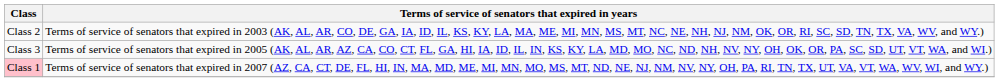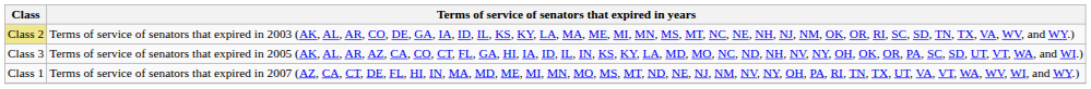 <table class="wikitable sortable">
 <tr valign=bottom>
 <th>Class</th>
 <th>Terms of service of senators that expired in years</th>
 </tr>
 <tr>
-<td>Class 2</td>
+<td style="background: khaki;">Class 2</td>
 <td>Terms of service of senators that expired in 2003 (<a href='#'>AK</a>, <a href='#'>AL</a>, <a href='#'>AR</a>, <a href='#'>CO</a>, <a href='#'>DE</a>, <a href='#'>GA</a>, <a href='#'>IA</a>, <a href='#'>ID</a>, <a href='#'>IL</a>, <a href='#'>KS</a>, <a href='#'>KY</a>, <a href='#'>LA</a>, <a href='#'>MA</a>, <a href='#'>ME</a>, <a href='#'>MI</a>, <a href='#'>MN</a>, <a href='#'>MS</a>, <a href='#'>MT</a>, <a href='#'>NC</a>, <a href='#'>NE</a>, <a href='#'>NH</a>, <a href='#'>NJ</a>, <a href='#'>NM</a>, <a href='#'>OK</a>, <a href='#'>OR</a>, <a href='#'>RI</a>, <a href='#'>SC</a>, <a href='#'>SD</a>, <a href='#'>TN</a>, <a href='#'>TX</a>, <a href='#'>VA</a>, <a href='#'>WV</a>, and <a href='#'>WY</a>.)</td>
 </tr>
 <tr>
 <td>Class 3</td>
 <td>Terms of service of senators that expired in 2005 (<a href='#'>AK</a>, <a href='#'>AL</a>, <a href='#'>AR</a>, <a href='#'>AZ</a>, <a href='#'>CA</a>, <a href='#'>CO</a>, <a href='#'>CT</a>, <a href='#'>FL</a>, <a href='#'>GA</a>, <a href='#'>HI</a>, <a href='#'>IA</a>, <a href='#'>ID</a>, <a href='#'>IL</a>, <a href='#'>IN</a>, <a href='#'>KS</a>, <a href='#'>KY</a>, <a href='#'>LA</a>, <a href='#'>MD</a>, <a href='#'>MO</a>, <a href='#'>NC</a>, <a href='#'>ND</a>, <a href='#'>NH</a>, <a href='#'>NV</a>, <a href='#'>NY</a>, <a href='#'>OH</a>, <a href='#'>OK</a>, <a href='#'>OR</a>, <a href='#'>PA</a>, <a href='#'>SC</a>, <a href='#'>SD</a>, <a href='#'>UT</a>, <a href='#'>VT</a>, <a href='#'>WA</a>, and <a href='#'>WI</a>.)</td>
 </tr>
 <tr>
-<td style="background: pink;">Class 1</td>
+<td>Class 1</td>
 <td>Terms of service of senators that expired in 2007 (<a href='#'>AZ</a>, <a href='#'>CA</a>, <a href='#'>CT</a>, <a href='#'>DE</a>, <a href='#'>FL</a>, <a href='#'>HI</a>, <a href='#'>IN</a>, <a href='#'>MA</a>, <a href='#'>MD</a>, <a href='#'>ME</a>, <a href='#'>MI</a>, <a href='#'>MN</a>, <a href='#'>MO</a>, <a href='#'>MS</a>, <a href='#'>MT</a>, <a href='#'>ND</a>, <a href='#'>NE</a>, <a href='#'>NJ</a>, <a href='#'>NM</a>, <a href='#'>NV</a>, <a href='#'>NY</a>, <a href='#'>OH</a>, <a href='#'>PA</a>, <a href='#'>RI</a>, <a href='#'>TN</a>, <a href='#'>TX</a>, <a href='#'>UT</a>, <a href='#'>VA</a>, <a href='#'>VT</a>, <a href='#'>WA</a>, <a href='#'>WV</a>, <a href='#'>WI</a>, and <a href='#'>WY</a>.)</td>
 </tr>
 <tr>
 </tr>
 </table>
